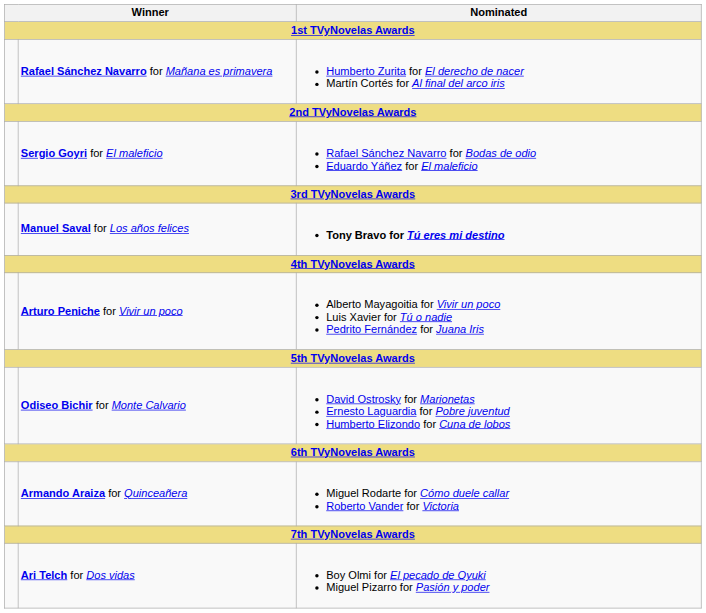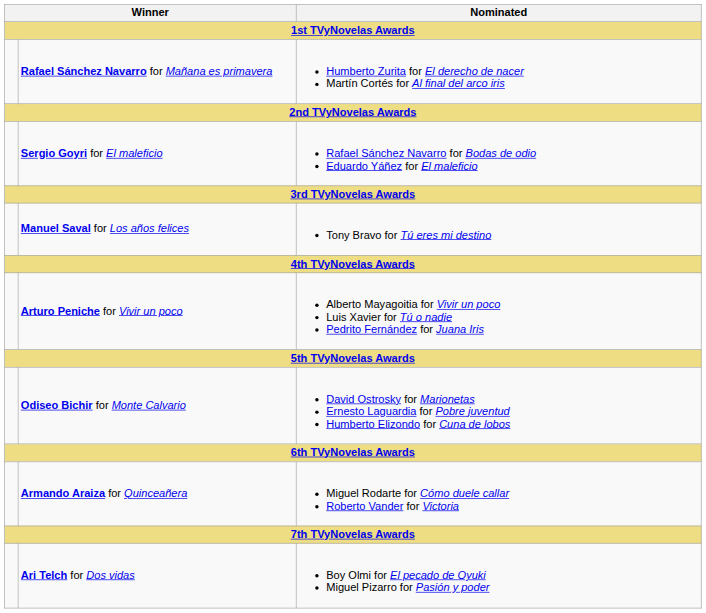 <table class="wikitable" width=80%>
 <tr align=center>
 <th width="150px;" colspan=2; align="center">Winner</th>
 <th width="580px;" align="center">Nominated</th>
 </tr>
 <tr>
 <th colspan=9 style="background:#EEDD82;"  align="center"><strong><a href='#'>1st TVyNovelas Awards</a></strong></th>
 </tr>
 <tr>
 <td width=2%></td>
 <td><strong><a href='#'>Rafael Sánchez Navarro</a></strong> for <em><a href='#'>Mañana es primavera</a></em></td>
 <td><br><ul><li><a href='#'>Humberto Zurita</a> for <em><a href='#'>El derecho de nacer</a></em></li><li>Martín Cortés for <em><a href='#'>Al final del arco iris</a></em></li></ul></td>
 </tr>
 <tr>
 <th colspan=9 style="background:#EEDD82;"  align="center"><strong><a href='#'>2nd TVyNovelas Awards</a></strong></th>
 </tr>
 <tr>
 <td width=2%></td>
 <td><strong><a href='#'>Sergio Goyri</a></strong> for <em><a href='#'>El maleficio</a></em></td>
 <td><br><ul><li><a href='#'>Rafael Sánchez Navarro</a> for <em><a href='#'>Bodas de odio</a></em></li><li><a href='#'>Eduardo Yáñez</a> for <em><a href='#'>El maleficio</a></em></li></ul></td>
 </tr>
 <tr>
 <th colspan=9 style="background:#EEDD82;"  align="center"><strong><a href='#'>3rd TVyNovelas Awards</a></strong></th>
 </tr>
 <tr>
 <td width=2%></td>
 <td><strong><a href='#'>Manuel Saval</a></strong> for <em><a href='#'>Los años felices</a></em></td>
-<td><strong><br><ul><li>Tony Bravo for <em><a href='#'>Tú eres mi destino</a></em></li></ul></strong></td>
+<td><br><ul><li>Tony Bravo for <em><a href='#'>Tú eres mi destino</a></em></li></ul></td>
 </tr>
 <tr>
 <th colspan=9 style="background:#EEDD82;"  align="center"><strong><a href='#'>4th TVyNovelas Awards</a></strong></th>
 </tr>
 <tr>
 <td width=2%></td>
 <td><strong><a href='#'>Arturo Peniche</a></strong> for <em><a href='#'>Vivir un poco</a></em></td>
 <td><br><ul><li>Alberto Mayagoitia for <em><a href='#'>Vivir un poco</a></em></li><li>Luis Xavier for <em><a href='#'>Tú o nadie</a></em></li><li><a href='#'>Pedrito Fernández</a> for <em><a href='#'>Juana Iris</a></em></li></ul></td>
 </tr>
 <tr>
 <th colspan=9 style="background:#EEDD82;"  align="center"><strong><a href='#'>5th TVyNovelas Awards</a></strong></th>
 </tr>
 <tr>
 <td width=2%></td>
 <td><strong><a href='#'>Odiseo Bichir</a></strong> for <em><a href='#'>Monte Calvario</a></em></td>
 <td><br><ul><li><a href='#'>David Ostrosky</a> for <em><a href='#'>Marionetas</a></em></li><li><a href='#'>Ernesto Laguardia</a> for <em><a href='#'>Pobre juventud</a></em></li><li><a href='#'>Humberto Elizondo</a> for <em><a href='#'>Cuna de lobos</a></em></li></ul></td>
 </tr>
 <tr>
 <th colspan=9 style="background:#EEDD82;"  align="center"><strong><a href='#'>6th TVyNovelas Awards</a></strong></th>
 </tr>
 <tr>
 <td width=2%></td>
 <td><strong><a href='#'>Armando Araiza</a></strong> for <em><a href='#'>Quinceañera</a></em></td>
 <td><br><ul><li>Miguel Rodarte for <em><a href='#'>Cómo duele callar</a></em></li><li><a href='#'>Roberto Vander</a> for <em><a href='#'>Victoria</a></em></li></ul></td>
 </tr>
 <tr>
 <th colspan=9 style="background:#EEDD82;"  align="center"><strong><a href='#'>7th TVyNovelas Awards</a></strong></th>
 </tr>
 <tr>
 <td width=2%></td>
 <td><strong><a href='#'>Ari Telch</a></strong> for <em><a href='#'>Dos vidas</a></em></td>
 <td><br><ul><li>Boy Olmi for <em><a href='#'>El pecado de Oyuki</a></em></li><li>Miguel Pizarro for <em><a href='#'>Pasión y poder</a></em></li></ul></td>
 </tr>
 </table>
